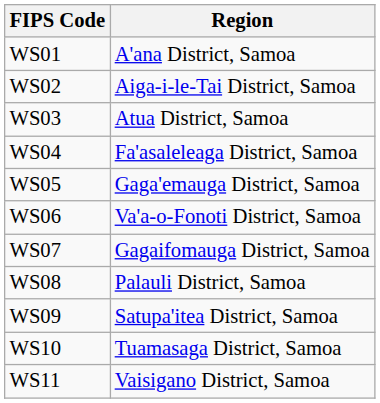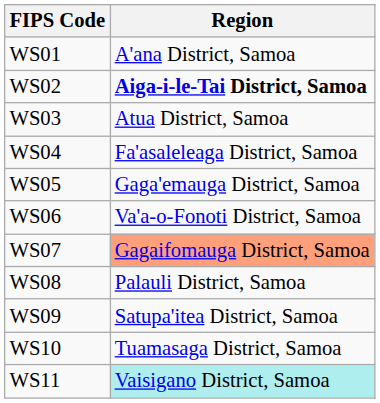 <table class="wikitable">
 <tr>
 <th>FIPS Code</th>
 <th>Region</th>
 </tr>
 <tr>
 <td>WS01</td>
 <td><a href='#'>A'ana</a> District, Samoa</td>
 </tr>
 <tr>
 <td>WS02</td>
-<td><a href='#'>Aiga-i-le-Tai</a> District, Samoa</td>
+<td><strong><a href='#'>Aiga-i-le-Tai</a> District, Samoa</strong></td>
 </tr>
 <tr>
 <td>WS03</td>
 <td><a href='#'>Atua</a> District, Samoa</td>
 </tr>
 <tr>
 <td>WS04</td>
 <td><a href='#'>Fa'asaleleaga</a> District, Samoa</td>
 </tr>
 <tr>
 <td>WS05</td>
 <td><a href='#'>Gaga'emauga</a> District, Samoa</td>
 </tr>
 <tr>
 <td>WS06</td>
 <td><a href='#'>Va'a-o-Fonoti</a> District, Samoa</td>
 </tr>
 <tr>
 <td>WS07</td>
-<td><a href='#'>Gagaifomauga</a> District, Samoa</td>
+<td style="background: lightsalmon;"><a href='#'>Gagaifomauga</a> District, Samoa</td>
 </tr>
 <tr>
 <td>WS08</td>
 <td><a href='#'>Palauli</a> District, Samoa</td>
 </tr>
 <tr>
 <td>WS09</td>
 <td><a href='#'>Satupa'itea</a> District, Samoa</td>
 </tr>
 <tr>
 <td>WS10</td>
 <td><a href='#'>Tuamasaga</a> District, Samoa</td>
 </tr>
 <tr>
 <td>WS11</td>
-<td><a href='#'>Vaisigano</a> District, Samoa</td>
+<td style="background: paleturquoise;"><a href='#'>Vaisigano</a> District, Samoa</td>
 </tr>
 </table>
